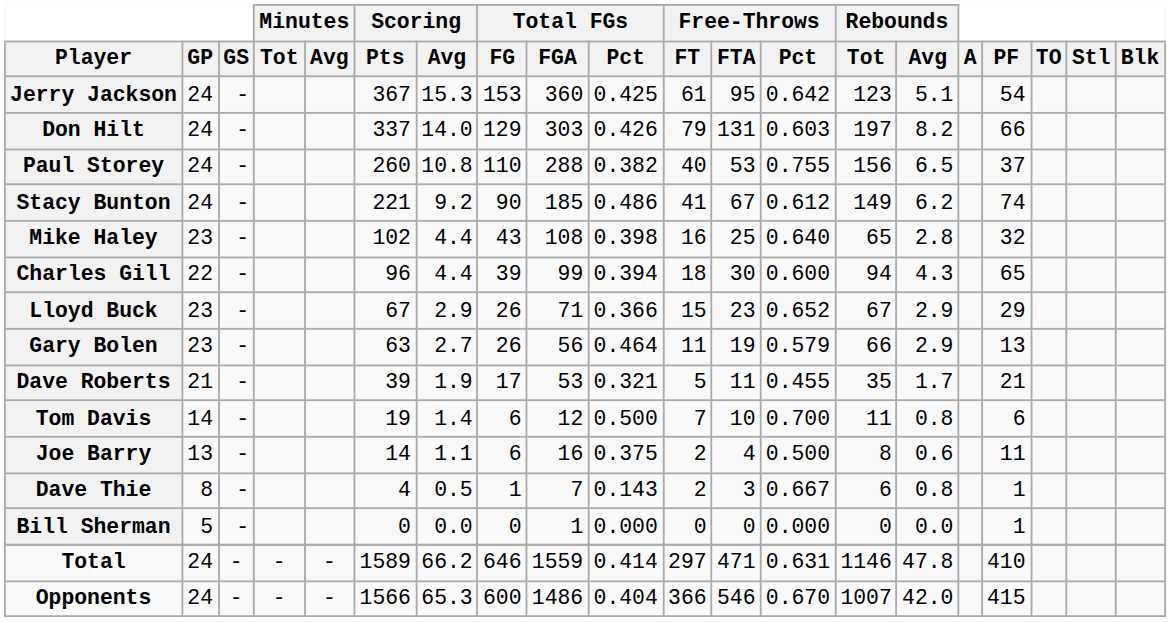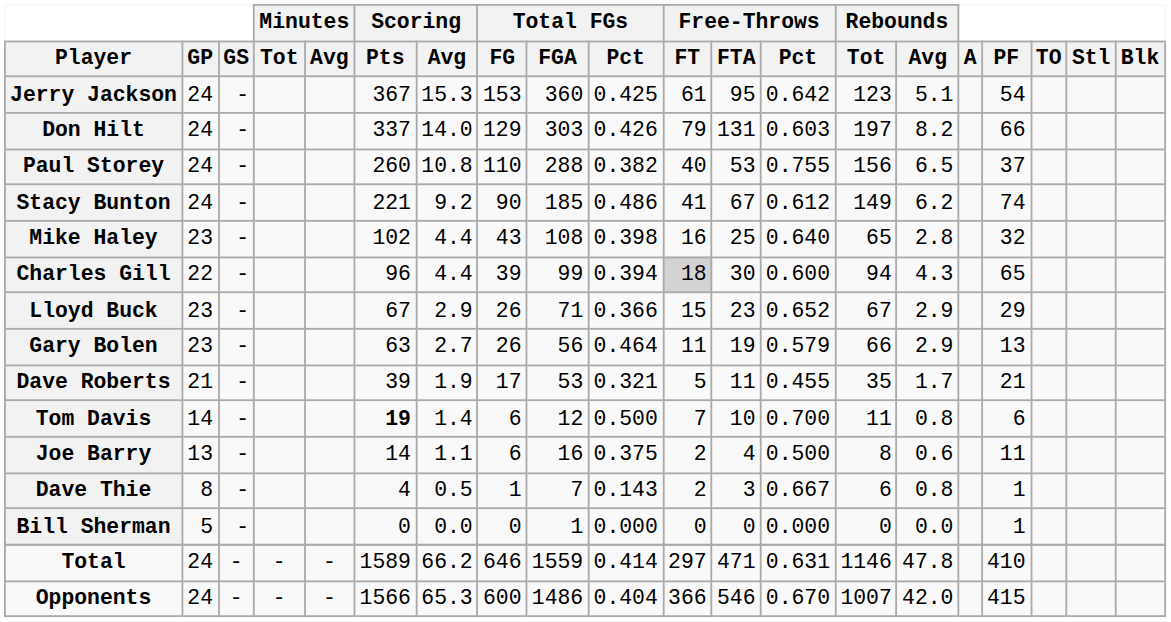 <table class="wikitable sortable" border="1" style="font-size:90%;">
 <tr>
 <th colspan="3" style="border-top-style:hidden; border-left-style:hidden; background: white;"></th>
 <th colspan="2" style=>Minutes</th>
 <th colspan="2" style=>Scoring</th>
 <th colspan="3" style=>Total FGs</th>
 <th colspan="3" style=>Free-Throws</th>
 <th colspan="2" style=>Rebounds</th>
 <th colspan="5" style="border-top-style:hidden; border-right-style:hidden; background: white;"></th>
 </tr>
 <tr>
 <th scope="col" style=>Player</th>
 <th scope="col" style=>GP</th>
 <th scope="col" style=>GS</th>
 <th scope="col" style=>Tot</th>
 <th scope="col" style=>Avg</th>
 <th scope="col" style=>Pts</th>
 <th scope="col" style=>Avg</th>
 <th scope="col" style=>FG</th>
 <th scope="col" style=>FGA</th>
 <th scope="col" style=>Pct</th>
 <th scope="col" style=>FT</th>
 <th scope="col" style=>FTA</th>
 <th scope="col" style=>Pct</th>
 <th scope="col" style=>Tot</th>
 <th scope="col" style=>Avg</th>
 <th scope="col" style=>A</th>
 <th scope="col" style=>PF</th>
 <th scope="col" style=>TO</th>
 <th scope="col" style=>Stl</th>
 <th scope="col" style=>Blk</th>
 </tr>
 <tr>
 <th>Jerry Jackson</th>
 <td align="right">24</td>
 <td align="right">-</td>
 <td align="right"></td>
 <td align="right"></td>
 <td align="right">367</td>
 <td align="right">15.3</td>
 <td align="right">153</td>
 <td align="right">360</td>
 <td align="right">0.425</td>
 <td align="right">61</td>
 <td align="right">95</td>
 <td align="right">0.642</td>
 <td align="right">123</td>
 <td align="right">5.1</td>
 <td align="right"></td>
 <td align="right">54</td>
 <td align="right"></td>
 <td align="right"></td>
 <td align="right"></td>
 </tr>
 <tr>
 <th>Don Hilt</th>
 <td align="right">24</td>
 <td align="right">-</td>
 <td align="right"></td>
 <td align="right"></td>
 <td align="right">337</td>
 <td align="right">14.0</td>
 <td align="right">129</td>
 <td align="right">303</td>
 <td align="right">0.426</td>
 <td align="right">79</td>
 <td align="right">131</td>
 <td align="right">0.603</td>
 <td align="right">197</td>
 <td align="right">8.2</td>
 <td align="right"></td>
 <td align="right">66</td>
 <td align="right"></td>
 <td align="right"></td>
 <td align="right"></td>
 </tr>
 <tr>
 <th>Paul Storey</th>
 <td align="right">24</td>
 <td align="right">-</td>
 <td align="right"></td>
 <td align="right"></td>
 <td align="right">260</td>
 <td align="right">10.8</td>
 <td align="right">110</td>
 <td align="right">288</td>
 <td align="right">0.382</td>
 <td align="right">40</td>
 <td align="right">53</td>
 <td align="right">0.755</td>
 <td align="right">156</td>
 <td align="right">6.5</td>
 <td align="right"></td>
 <td align="right">37</td>
 <td align="right"></td>
 <td align="right"></td>
 <td align="right"></td>
 </tr>
 <tr>
 <th>Stacy Bunton</th>
 <td align="right">24</td>
 <td align="right">-</td>
 <td align="right"></td>
 <td align="right"></td>
 <td align="right">221</td>
 <td align="right">9.2</td>
 <td align="right">90</td>
 <td align="right">185</td>
 <td align="right">0.486</td>
 <td align="right">41</td>
 <td align="right">67</td>
 <td align="right">0.612</td>
 <td align="right">149</td>
 <td align="right">6.2</td>
 <td align="right"></td>
 <td align="right">74</td>
 <td align="right"></td>
 <td align="right"></td>
 <td align="right"></td>
 </tr>
 <tr>
 <th>Mike Haley</th>
 <td align="right">23</td>
 <td align="right">-</td>
 <td align="right"></td>
 <td align="right"></td>
 <td align="right">102</td>
 <td align="right">4.4</td>
 <td align="right">43</td>
 <td align="right">108</td>
 <td align="right">0.398</td>
 <td align="right">16</td>
 <td align="right">25</td>
 <td align="right">0.640</td>
 <td align="right">65</td>
 <td align="right">2.8</td>
 <td align="right"></td>
 <td align="right">32</td>
 <td align="right"></td>
 <td align="right"></td>
 <td align="right"></td>
 </tr>
 <tr>
 <th>Charles Gill</th>
 <td align="right">22</td>
 <td align="right">-</td>
 <td align="right"></td>
 <td align="right"></td>
 <td align="right">96</td>
 <td align="right">4.4</td>
 <td align="right">39</td>
 <td align="right">99</td>
 <td align="right">0.394</td>
-<td align="right">18</td>
+<td align="right" style="background: lightgrey;">18</td>
 <td align="right">30</td>
 <td align="right">0.600</td>
 <td align="right">94</td>
 <td align="right">4.3</td>
 <td align="right"></td>
 <td align="right">65</td>
 <td align="right"></td>
 <td align="right"></td>
 <td align="right"></td>
 </tr>
 <tr>
 <th>Lloyd Buck</th>
 <td align="right">23</td>
 <td align="right">-</td>
 <td align="right"></td>
 <td align="right"></td>
 <td align="right">67</td>
 <td align="right">2.9</td>
 <td align="right">26</td>
 <td align="right">71</td>
 <td align="right">0.366</td>
 <td align="right">15</td>
 <td align="right">23</td>
 <td align="right">0.652</td>
 <td align="right">67</td>
 <td align="right">2.9</td>
 <td align="right"></td>
 <td align="right">29</td>
 <td align="right"></td>
 <td align="right"></td>
 <td align="right"></td>
 </tr>
 <tr>
 <th>Gary Bolen</th>
 <td align="right">23</td>
 <td align="right">-</td>
 <td align="right"></td>
 <td align="right"></td>
 <td align="right">63</td>
 <td align="right">2.7</td>
 <td align="right">26</td>
 <td align="right">56</td>
 <td align="right">0.464</td>
 <td align="right">11</td>
 <td align="right">19</td>
 <td align="right">0.579</td>
 <td align="right">66</td>
 <td align="right">2.9</td>
 <td align="right"></td>
 <td align="right">13</td>
 <td align="right"></td>
 <td align="right"></td>
 <td align="right"></td>
 </tr>
 <tr>
 <th>Dave Roberts</th>
 <td align="right">21</td>
 <td align="right">-</td>
 <td align="right"></td>
 <td align="right"></td>
 <td align="right">39</td>
 <td align="right">1.9</td>
 <td align="right">17</td>
 <td align="right">53</td>
 <td align="right">0.321</td>
 <td align="right">5</td>
 <td align="right">11</td>
 <td align="right">0.455</td>
 <td align="right">35</td>
 <td align="right">1.7</td>
 <td align="right"></td>
 <td align="right">21</td>
 <td align="right"></td>
 <td align="right"></td>
 <td align="right"></td>
 </tr>
 <tr>
 <th>Tom Davis</th>
 <td align="right">14</td>
 <td align="right">-</td>
 <td align="right"></td>
 <td align="right"></td>
-<td align="right">19</td>
+<td align="right"><strong>19</strong></td>
 <td align="right">1.4</td>
 <td align="right">6</td>
 <td align="right">12</td>
 <td align="right">0.500</td>
 <td align="right">7</td>
 <td align="right">10</td>
 <td align="right">0.700</td>
 <td align="right">11</td>
 <td align="right">0.8</td>
 <td align="right"></td>
 <td align="right">6</td>
 <td align="right"></td>
 <td align="right"></td>
 <td align="right"></td>
 </tr>
 <tr>
 <th>Joe Barry</th>
 <td align="right">13</td>
 <td align="right">-</td>
 <td align="right"></td>
 <td align="right"></td>
 <td align="right">14</td>
 <td align="right">1.1</td>
 <td align="right">6</td>
 <td align="right">16</td>
 <td align="right">0.375</td>
 <td align="right">2</td>
 <td align="right">4</td>
 <td align="right">0.500</td>
 <td align="right">8</td>
 <td align="right">0.6</td>
 <td align="right"></td>
 <td align="right">11</td>
 <td align="right"></td>
 <td align="right"></td>
 <td align="right"></td>
 </tr>
 <tr>
 <th>Dave Thie</th>
 <td align="right">8</td>
 <td align="right">-</td>
 <td align="right"></td>
 <td align="right"></td>
 <td align="right">4</td>
 <td align="right">0.5</td>
 <td align="right">1</td>
 <td align="right">7</td>
 <td align="right">0.143</td>
 <td align="right">2</td>
 <td align="right">3</td>
 <td align="right">0.667</td>
 <td align="right">6</td>
 <td align="right">0.8</td>
 <td align="right"></td>
 <td align="right">1</td>
 <td align="right"></td>
 <td align="right"></td>
 <td align="right"></td>
 </tr>
 <tr>
 <th>Bill Sherman</th>
 <td align="right">5</td>
 <td align="right">-</td>
 <td align="right"></td>
 <td align="right"></td>
 <td align="right">0</td>
 <td align="right">0.0</td>
 <td align="right">0</td>
 <td align="right">1</td>
 <td align="right">0.000</td>
 <td align="right">0</td>
 <td align="right">0</td>
 <td align="right">0.000</td>
 <td align="right">0</td>
 <td align="right">0.0</td>
 <td align="right"></td>
 <td align="right">1</td>
 <td align="right"></td>
 <td align="right"></td>
 <td align="right"></td>
 </tr>
 <tr>
 </tr>
 <tr class="sortbottom">
 <td align="center" style=><strong>Total</strong></td>
 <td align="center" style=>24</td>
 <td align="center" style=>-</td>
 <td align="center" style=>-</td>
 <td align="center" style=>-</td>
 <td align="center" style=>1589</td>
 <td align="center" style=>66.2</td>
 <td align="center" style=>646</td>
 <td align="center" style=>1559</td>
 <td align="center" style=>0.414</td>
 <td align="center" style=>297</td>
 <td align="center" style=>471</td>
 <td align="center" style=>0.631</td>
 <td align="center" style=>1146</td>
 <td align="center" style=>47.8</td>
 <td align="center" style=></td>
 <td align="center" style=>410</td>
 <td align="center" style=></td>
 <td align="center" style=></td>
 <td align="center" style=></td>
 </tr>
 <tr class="sortbottom">
 <td align="center"><strong>Opponents</strong></td>
 <td align="center">24</td>
 <td align="center">-</td>
 <td align="center">-</td>
 <td align="center">-</td>
 <td align="center">1566</td>
 <td align="center">65.3</td>
 <td align="center">600</td>
 <td align="center">1486</td>
 <td align="center">0.404</td>
 <td align="center">366</td>
 <td align="center">546</td>
 <td align="center">0.670</td>
 <td align="center">1007</td>
 <td align="center">42.0</td>
 <td align="center"></td>
 <td align="center">415</td>
 <td align="center"></td>
 <td align="center"></td>
 <td align="center"></td>
 </tr>
 </table>
